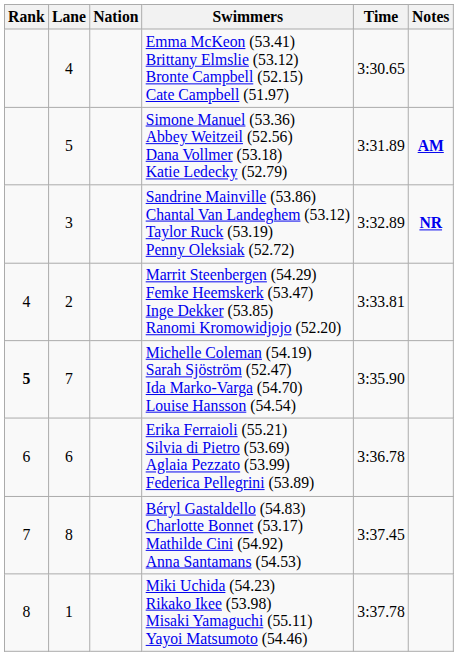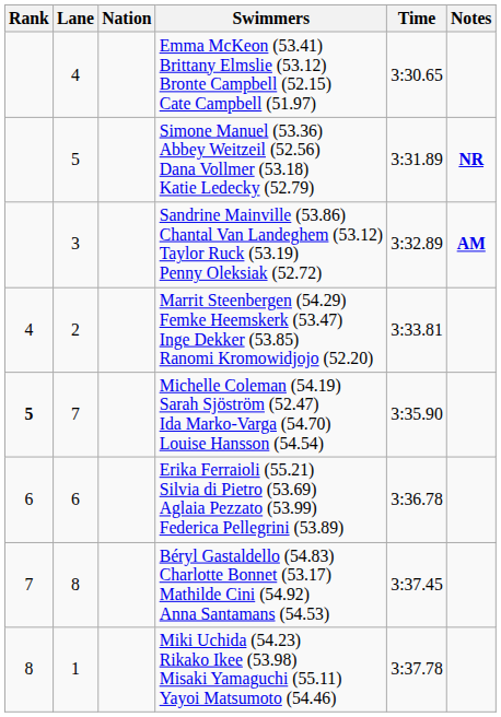 <table class="wikitable sortable" style="text-align:center">
 <tr>
 <th>Rank</th>
 <th>Lane</th>
 <th>Nation</th>
 <th>Swimmers</th>
 <th>Time</th>
 <th>Notes</th>
 </tr>
 <tr>
 <td></td>
 <td>4</td>
 <td align=left></td>
 <td align=left><a href='#'>Emma McKeon</a> (53.41)<br><a href='#'>Brittany Elmslie</a> (53.12)<br><a href='#'>Bronte Campbell</a> (52.15)<br><a href='#'>Cate Campbell</a> (51.97)</td>
 <td>3:30.65</td>
 <td></td>
 </tr>
 <tr>
 <td></td>
 <td>5</td>
 <td align=left></td>
 <td align=left><a href='#'>Simone Manuel</a> (53.36)<br><a href='#'>Abbey Weitzeil</a> (52.56)<br><a href='#'>Dana Vollmer</a> (53.18)<br><a href='#'>Katie Ledecky</a> (52.79)</td>
 <td>3:31.89</td>
-<td><strong><a href='#'>AM</a></strong></td>
+<td><strong><a href='#'>NR</a></strong></td>
 </tr>
 <tr>
 <td></td>
 <td>3</td>
 <td align=left></td>
 <td align=left><a href='#'>Sandrine Mainville</a> (53.86)<br><a href='#'>Chantal Van Landeghem</a> (53.12)<br><a href='#'>Taylor Ruck</a> (53.19)<br><a href='#'>Penny Oleksiak</a> (52.72)</td>
 <td>3:32.89</td>
-<td><strong><a href='#'>NR</a></strong></td>
+<td><strong><a href='#'>AM</a></strong></td>
 </tr>
 <tr>
 <td>4</td>
 <td>2</td>
 <td align=left></td>
 <td align=left><a href='#'>Marrit Steenbergen</a> (54.29)<br><a href='#'>Femke Heemskerk</a> (53.47)<br><a href='#'>Inge Dekker</a> (53.85)<br><a href='#'>Ranomi Kromowidjojo</a> (52.20)</td>
 <td>3:33.81</td>
 <td></td>
 </tr>
 <tr>
 <td><strong>5</strong></td>
 <td>7</td>
 <td align=left></td>
 <td align=left><a href='#'>Michelle Coleman</a> (54.19)<br><a href='#'>Sarah Sjöström</a> (52.47)<br><a href='#'>Ida Marko-Varga</a> (54.70)<br><a href='#'>Louise Hansson</a> (54.54)</td>
 <td>3:35.90</td>
 <td></td>
 </tr>
 <tr>
 <td>6</td>
 <td>6</td>
 <td align=left></td>
 <td align=left><a href='#'>Erika Ferraioli</a> (55.21)<br><a href='#'>Silvia di Pietro</a> (53.69)<br><a href='#'>Aglaia Pezzato</a> (53.99)<br><a href='#'>Federica Pellegrini</a> (53.89)</td>
 <td>3:36.78</td>
 <td></td>
 </tr>
 <tr>
 <td>7</td>
 <td>8</td>
 <td align=left></td>
 <td align=left><a href='#'>Béryl Gastaldello</a> (54.83)<br><a href='#'>Charlotte Bonnet</a> (53.17)<br><a href='#'>Mathilde Cini</a> (54.92)<br><a href='#'>Anna Santamans</a> (54.53)</td>
 <td>3:37.45</td>
 <td></td>
 </tr>
 <tr>
 <td>8</td>
 <td>1</td>
 <td align=left></td>
 <td align=left><a href='#'>Miki Uchida</a> (54.23)<br><a href='#'>Rikako Ikee</a> (53.98)<br><a href='#'>Misaki Yamaguchi</a> (55.11)<br><a href='#'>Yayoi Matsumoto</a> (54.46)</td>
 <td>3:37.78</td>
 <td></td>
 </tr>
 </table>
